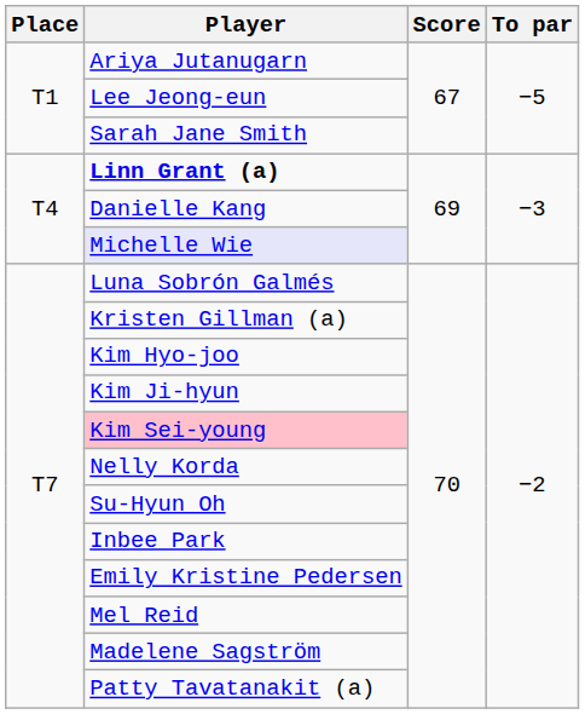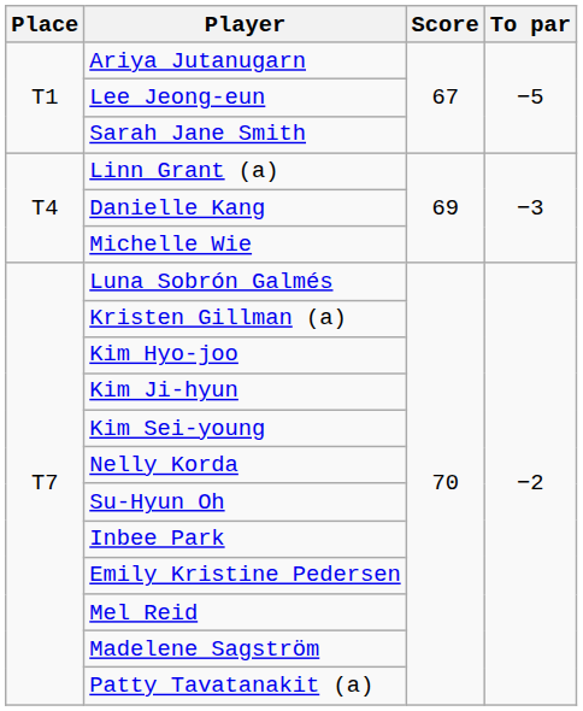 <table class="wikitable">
 <tr>
 <th>Place</th>
 <th>Player</th>
 <th>Score</th>
 <th>To par</th>
 </tr>
 <tr>
 <td rowspan=3 align=center>T1</td>
 <td> <a href='#'>Ariya Jutanugarn</a></td>
 <td rowspan=3 align=center>67</td>
 <td rowspan=3 align=center>−5</td>
 </tr>
 <tr>
 <td> <a href='#'>Lee Jeong-eun</a></td>
 </tr>
 <tr>
 <td> <a href='#'>Sarah Jane Smith</a></td>
 </tr>
 <tr>
 <td rowspan=3 align=center>T4</td>
-<td><strong> <a href='#'>Linn Grant</a> (a)</strong></td>
+<td> <a href='#'>Linn Grant</a> (a)</td>
 <td rowspan=3 align=center>69</td>
 <td rowspan=3 align=center>−3</td>
 </tr>
 <tr>
 <td> <a href='#'>Danielle Kang</a></td>
 </tr>
 <tr>
-<td style="background: lavender;"> <a href='#'>Michelle Wie</a></td>
+<td> <a href='#'>Michelle Wie</a></td>
 </tr>
 <tr>
 <td rowspan=12 align=center>T7</td>
 <td> <a href='#'>Luna Sobrón Galmés</a></td>
 <td rowspan=12 align=center>70</td>
 <td rowspan=12 align=center>−2</td>
 </tr>
 <tr>
 <td> <a href='#'>Kristen Gillman</a> (a)</td>
 </tr>
 <tr>
 <td> <a href='#'>Kim Hyo-joo</a></td>
 </tr>
 <tr>
 <td> <a href='#'>Kim Ji-hyun</a></td>
 </tr>
 <tr>
-<td style="background: pink;"> <a href='#'>Kim Sei-young</a></td>
+<td> <a href='#'>Kim Sei-young</a></td>
 </tr>
 <tr>
 <td> <a href='#'>Nelly Korda</a></td>
 </tr>
 <tr>
 <td> <a href='#'>Su-Hyun Oh</a></td>
 </tr>
 <tr>
 <td> <a href='#'>Inbee Park</a></td>
 </tr>
 <tr>
 <td> <a href='#'>Emily Kristine Pedersen</a></td>
 </tr>
 <tr>
 <td> <a href='#'>Mel Reid</a></td>
 </tr>
 <tr>
 <td> <a href='#'>Madelene Sagström</a></td>
 </tr>
 <tr>
 <td> <a href='#'>Patty Tavatanakit</a> (a)</td>
 </tr>
 </table>
